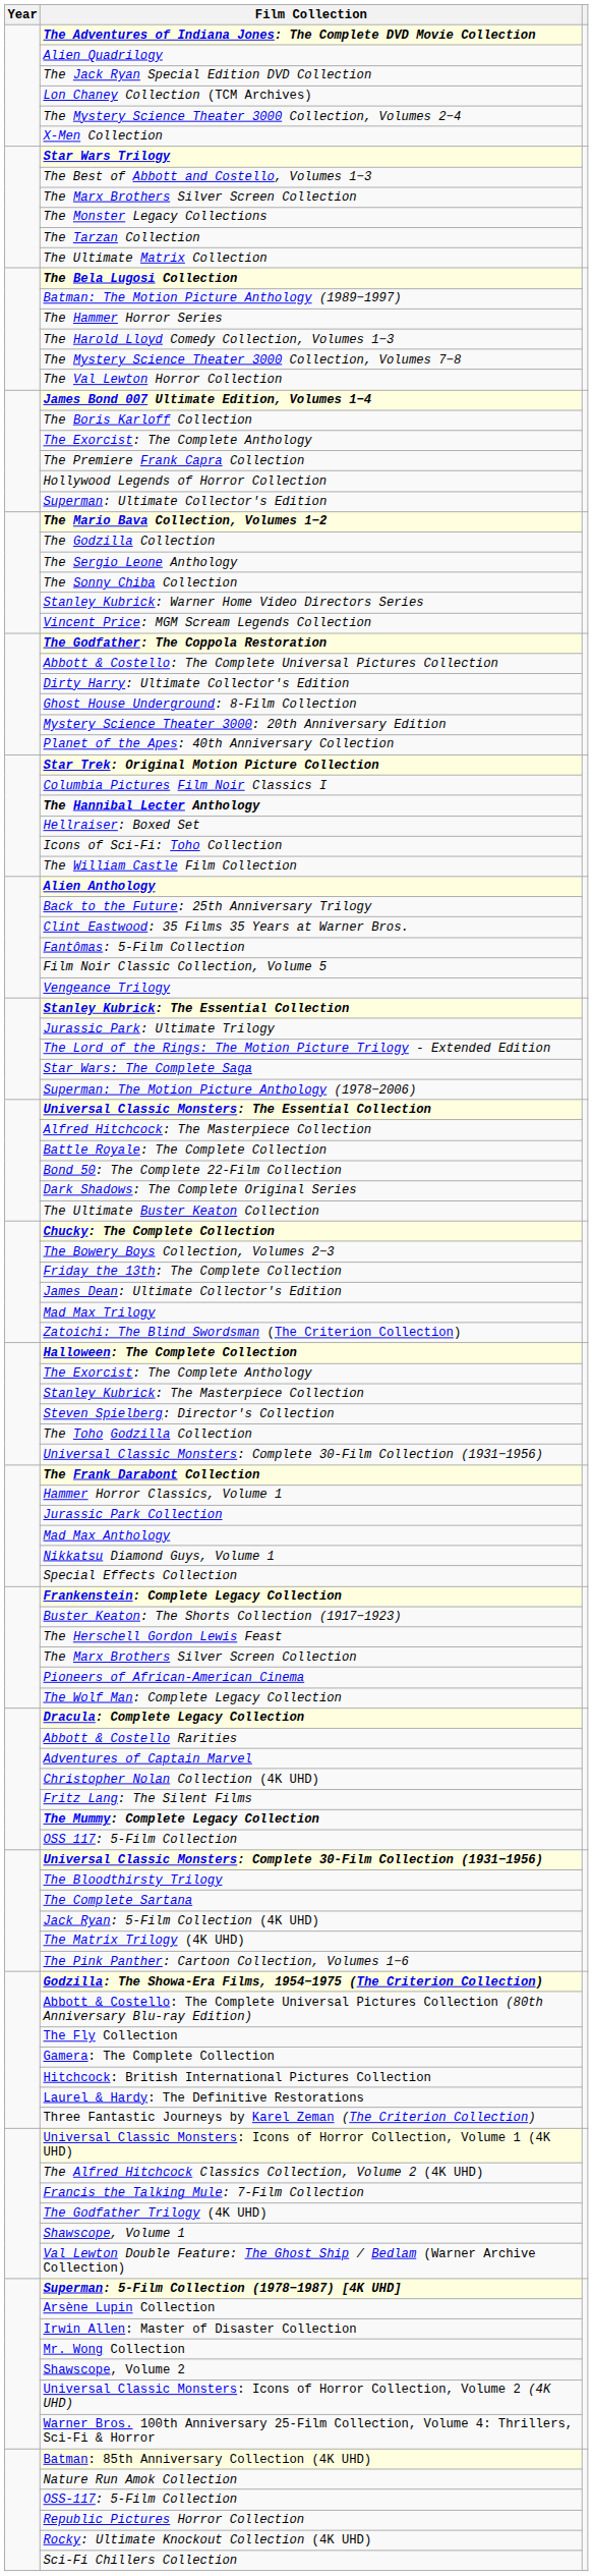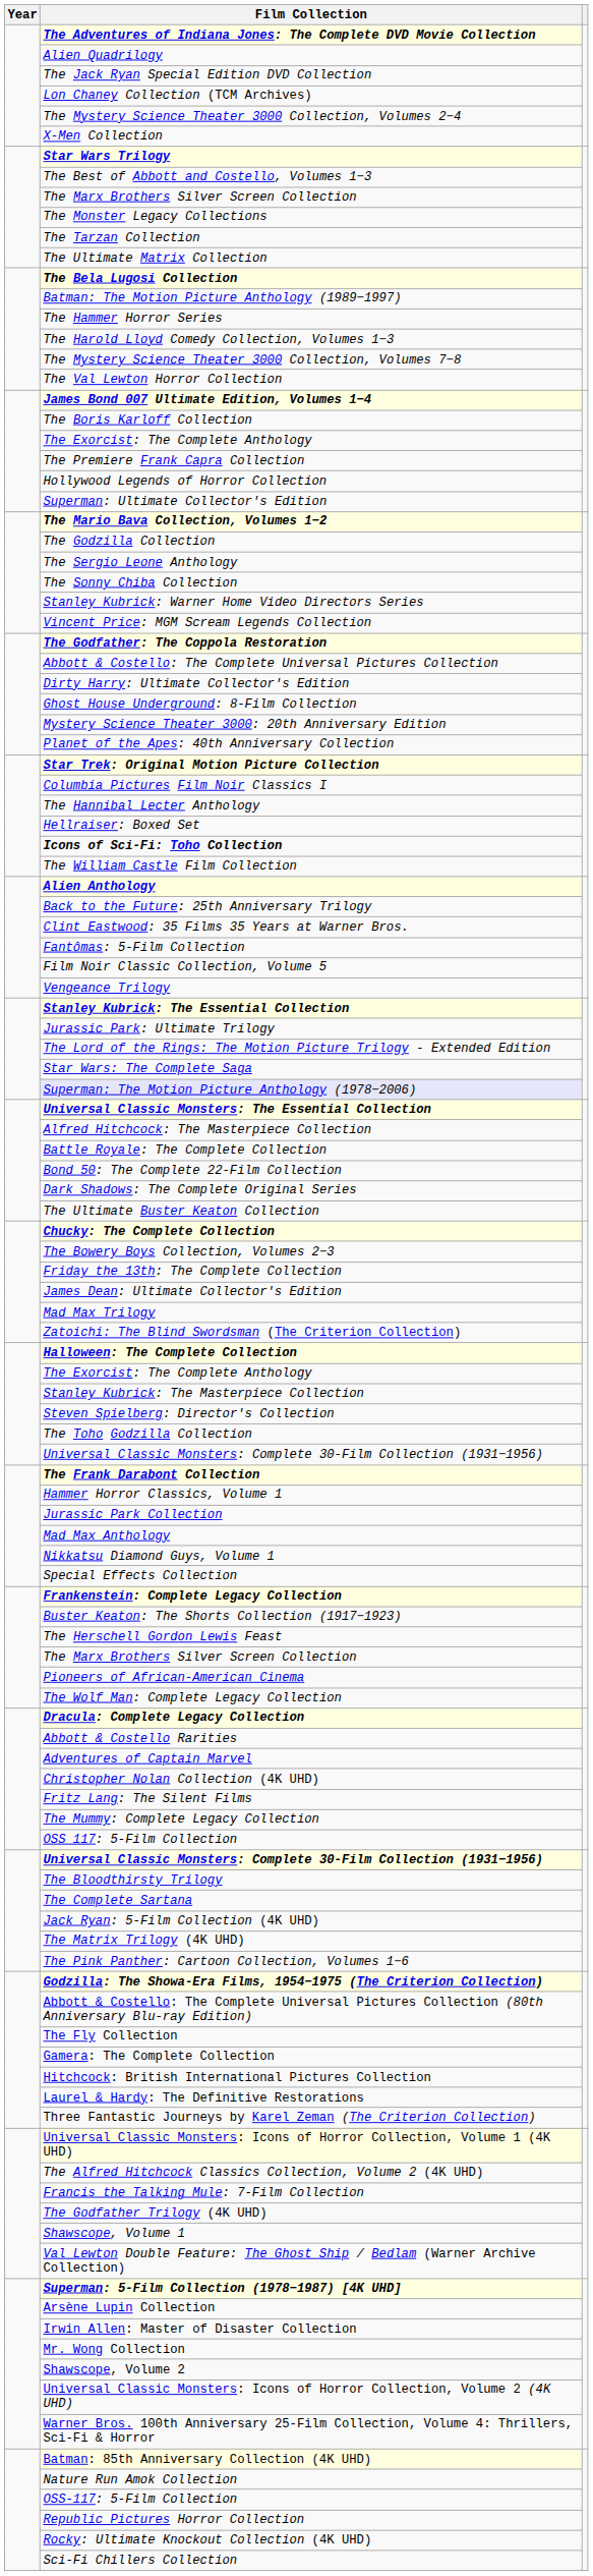 <table class="wikitable">
 <tr>
 <th>Year</th>
 <th>Film Collection</th>
 <th></th>
 </tr>
 <tr>
 <td rowspan="6"></td>
 <td style="background:lightyellow"><strong><em><a href='#'>The Adventures of Indiana Jones</a>: The Complete DVD Movie Collection</em></strong></td>
 <td rowspan="6"></td>
 </tr>
 <tr>
 <td><em><a href='#'>Alien Quadrilogy</a></em></td>
 </tr>
 <tr>
 <td><em>The <a href='#'>Jack Ryan</a> Special Edition DVD Collection</em></td>
 </tr>
 <tr>
 <td><em><a href='#'>Lon Chaney</a> Collection</em> (TCM Archives)</td>
 </tr>
 <tr>
 <td><em>The <a href='#'>Mystery Science Theater 3000</a> Collection, Volumes 2−4</em></td>
 </tr>
 <tr>
 <td><em><a href='#'>X-Men</a> Collection</em></td>
 </tr>
 <tr>
 <td rowspan="6"></td>
 <td style="background:lightyellow"><em><a href='#'><strong>Star Wars Trilogy</strong></a></em></td>
 <td rowspan="6"></td>
 </tr>
 <tr>
 <td><em>The Best of <a href='#'>Abbott and Costello</a>, Volumes 1−3</em></td>
 </tr>
 <tr>
 <td><em>The <a href='#'>Marx Brothers</a> Silver Screen Collection</em></td>
 </tr>
 <tr>
 <td><em>The <a href='#'>Monster</a> Legacy Collections</em></td>
 </tr>
 <tr>
 <td><em>The <a href='#'>Tarzan</a> Collection</em></td>
 </tr>
 <tr>
 <td><em>The Ultimate <a href='#'>Matrix</a> Collection</em></td>
 </tr>
 <tr>
 <td rowspan="6"></td>
 <td style="background:lightyellow"><strong><em>The <a href='#'>Bela Lugosi</a> Collection</em></strong></td>
 <td rowspan="6"></td>
 </tr>
 <tr>
 <td><em><a href='#'>Batman: The Motion Picture Anthology</a></em> <em>(1989−1997)</em></td>
 </tr>
 <tr>
 <td><em>The <a href='#'>Hammer</a> Horror Series</em></td>
 </tr>
 <tr>
 <td><em>The <a href='#'>Harold Lloyd</a> Comedy Collection, Volumes 1−3</em></td>
 </tr>
 <tr>
 <td><em>The <a href='#'>Mystery Science Theater 3000</a> Collection, Volumes 7−8</em></td>
 </tr>
 <tr>
 <td><em>The <a href='#'>Val Lewton</a> Horror Collection</em></td>
 </tr>
 <tr>
 <td rowspan="6"></td>
 <td style="background:lightyellow"><strong><em><a href='#'>James Bond 007</a> Ultimate Edition, Volumes 1−4</em></strong></td>
 <td rowspan="6"></td>
 </tr>
 <tr>
 <td><em>The <a href='#'>Boris Karloff</a> Collection</em></td>
 </tr>
 <tr>
 <td><em><a href='#'>The Exorcist</a>: The Complete Anthology</em></td>
 </tr>
 <tr>
 <td><em>The Premiere <a href='#'>Frank Capra</a> Collection</em></td>
 </tr>
 <tr>
 <td><em>Hollywood Legends of Horror Collection</em></td>
 </tr>
 <tr>
 <td><em><a href='#'>Superman</a>: Ultimate Collector's Edition</em></td>
 </tr>
 <tr>
 <td rowspan="6"></td>
 <td style="background:lightyellow"><strong><em>The <a href='#'>Mario Bava</a> Collection,</em></strong> <strong><em>Volumes<strong> </strong>1−2</em></strong></td>
 <td rowspan="6"></td>
 </tr>
 <tr>
 <td><em>The <a href='#'>Godzilla</a> Collection</em></td>
 </tr>
 <tr>
 <td><em>The <a href='#'>Sergio Leone</a> Anthology</em></td>
 </tr>
 <tr>
 <td><em>The <a href='#'>Sonny Chiba</a> Collection</em></td>
 </tr>
 <tr>
 <td><em><a href='#'>Stanley Kubrick</a>: Warner Home Video Directors Series</em></td>
 </tr>
 <tr>
 <td><em><a href='#'>Vincent Price</a>: MGM Scream Legends Collection</em></td>
 </tr>
 <tr>
 <td rowspan="6"></td>
 <td style="background:lightyellow"><strong><em><a href='#'>The Godfather</a>: The Coppola Restoration</em></strong></td>
 <td rowspan="6"></td>
 </tr>
 <tr>
 <td><em><a href='#'>Abbott & Costello</a>: The Complete Universal Pictures Collection</em></td>
 </tr>
 <tr>
 <td><em><a href='#'>Dirty Harry</a>: Ultimate Collector's Edition</em></td>
 </tr>
 <tr>
 <td><em><a href='#'>Ghost House Underground</a>: 8-Film Collection</em></td>
 </tr>
 <tr>
 <td><em><a href='#'>Mystery Science Theater 3000</a>: 20th Anniversary Edition</em></td>
 </tr>
 <tr>
 <td><em><a href='#'>Planet of the Apes</a>: 40th Anniversary Collection</em></td>
 </tr>
 <tr>
 <td rowspan="6"></td>
 <td style="background:lightyellow"><strong><em><a href='#'>Star Trek</a>: Original Motion Picture Collection</em></strong></td>
 <td rowspan="6"></td>
 </tr>
 <tr>
 <td><em><a href='#'>Columbia Pictures</a> <a href='#'>Film Noir</a> Classics</em> <em>I</em></td>
 </tr>
 <tr>
-<td><strong><em>The <a href='#'>Hannibal Lecter</a> Anthology</em></strong></td>
+<td><em>The <a href='#'>Hannibal Lecter</a> Anthology</em></td>
 </tr>
 <tr>
 <td><em><a href='#'>Hellraiser</a>: Boxed Set</em></td>
 </tr>
 <tr>
-<td><em>Icons of Sci-Fi: <a href='#'>Toho</a> Collection</em></td>
+<td><strong><em>Icons of Sci-Fi: <a href='#'>Toho</a> Collection</em></strong></td>
 </tr>
 <tr>
 <td><em>The <a href='#'>William Castle</a> Film Collection</em></td>
 </tr>
 <tr>
 <td rowspan="6"></td>
 <td style="background:lightyellow"><em><a href='#'><strong>Alien Anthology</strong></a></em></td>
 <td rowspan="6"></td>
 </tr>
 <tr>
 <td><em><a href='#'>Back to the Future</a>: 25th Anniversary Trilogy</em></td>
 </tr>
 <tr>
 <td><em><a href='#'>Clint Eastwood</a>: 35 Films 35 Years at Warner Bros.</em></td>
 </tr>
 <tr>
 <td><em><a href='#'>Fantômas</a>: 5-Film Collection</em></td>
 </tr>
 <tr>
 <td><em>Film Noir Classic Collection, Volume 5</em></td>
 </tr>
 <tr>
 <td><em><a href='#'>Vengeance Trilogy</a></em></td>
 </tr>
 <tr>
 <td rowspan="5"></td>
 <td style="background:lightyellow"><strong><em><a href='#'>Stanley Kubrick</a>: The Essential Collection</em></strong></td>
 <td rowspan="5"></td>
 </tr>
 <tr>
 <td><em><a href='#'>Jurassic Park</a>: Ultimate Trilogy</em></td>
 </tr>
 <tr>
 <td><em><a href='#'>The Lord of the Rings: The Motion Picture Trilogy</a></em> <em>- Extended Edition</em></td>
 </tr>
 <tr>
 <td><em><a href='#'>Star Wars: The Complete Saga</a></em></td>
 </tr>
 <tr>
-<td><em><a href='#'>Superman: The Motion Picture Anthology</a></em> <em>(1978−2006)</em></td>
+<td style="background: lavender;"><em><a href='#'>Superman: The Motion Picture Anthology</a></em> <em>(1978−2006)</em></td>
 </tr>
 <tr>
 <td rowspan="6"></td>
 <td style="background:lightyellow"><strong><em><a href='#'>Universal Classic Monsters</a>: The Essential Collection</em></strong></td>
 <td rowspan="6"></td>
 </tr>
 <tr>
 <td><em><a href='#'>Alfred Hitchcock</a>: The Masterpiece Collection</em></td>
 </tr>
 <tr>
 <td><em><a href='#'>Battle Royale</a>: The Complete Collection</em></td>
 </tr>
 <tr>
 <td><em><a href='#'>Bond 50</a>: The Complete 22-Film Collection</em></td>
 </tr>
 <tr>
 <td><em><a href='#'>Dark Shadows</a>: The Complete Original Series</em></td>
 </tr>
 <tr>
 <td><em>The Ultimate <a href='#'>Buster Keaton</a> Collection</em></td>
 </tr>
 <tr>
 <td rowspan="6"></td>
 <td style="background:lightyellow"><strong><em><a href='#'>Chucky</a>: The Complete Collection</em></strong></td>
 <td rowspan="6"></td>
 </tr>
 <tr>
 <td><em><a href='#'>The Bowery Boys</a> Collection, Volumes 2−3</em></td>
 </tr>
 <tr>
 <td><em><a href='#'>Friday the 13th</a>: The Complete Collection</em></td>
 </tr>
 <tr>
 <td><em><a href='#'>James Dean</a>: Ultimate Collector's Edition</em></td>
 </tr>
 <tr>
 <td><em><a href='#'>Mad Max Trilogy</a></em></td>
 </tr>
 <tr>
 <td><em><a href='#'>Zatoichi: The Blind Swordsman</a></em> (<a href='#'>The Criterion Collection</a>)</td>
 </tr>
 <tr>
 <td rowspan="6"></td>
 <td style="background:lightyellow"><strong><em><a href='#'>Halloween</a>: The Complete Collection</em></strong></td>
 <td rowspan="6"></td>
 </tr>
 <tr>
 <td><em><a href='#'>The Exorcist</a>: The Complete Anthology</em></td>
 </tr>
 <tr>
 <td><em><a href='#'>Stanley Kubrick</a>: The Masterpiece Collection</em></td>
 </tr>
 <tr>
 <td><em><a href='#'>Steven Spielberg</a>: Director's Collection</em></td>
 </tr>
 <tr>
 <td><em>The <a href='#'>Toho</a> <a href='#'>Godzilla</a> Collection</em></td>
 </tr>
 <tr>
 <td><em><a href='#'>Universal Classic Monsters</a>: Complete 30-Film Collection</em> <em>(1931−1956)</em></td>
 </tr>
 <tr>
 <td rowspan="6"></td>
 <td style="background:lightyellow"><strong><em>The <a href='#'>Frank Darabont</a> Collection</em></strong></td>
 <td rowspan="6"></td>
 </tr>
 <tr>
 <td><em><a href='#'>Hammer</a> Horror Classics,</em> <em>Volume 1</em></td>
 </tr>
 <tr>
 <td><em><a href='#'>Jurassic Park Collection</a></em></td>
 </tr>
 <tr>
 <td><em><a href='#'>Mad Max Anthology</a></em></td>
 </tr>
 <tr>
 <td><em><a href='#'>Nikkatsu</a> Diamond Guys, Volume 1</em></td>
 </tr>
 <tr>
 <td><em>Special Effects Collection</em></td>
 </tr>
 <tr>
 <td rowspan="6"></td>
 <td style="background:lightyellow"><strong><em><a href='#'>Frankenstein</a>: Complete Legacy Collection</em></strong></td>
 <td rowspan="6"></td>
 </tr>
 <tr>
 <td><em><a href='#'>Buster Keaton</a>: The Shorts Collection</em> <em>(1917−1923)</em></td>
 </tr>
 <tr>
 <td><em>The <a href='#'>Herschell Gordon Lewis</a> Feast</em></td>
 </tr>
 <tr>
 <td><em>The <a href='#'>Marx Brothers</a> Silver Screen Collection</em></td>
 </tr>
 <tr>
 <td><em><a href='#'>Pioneers of African-American Cinema</a></em></td>
 </tr>
 <tr>
 <td><em><a href='#'>The Wolf Man</a>: Complete Legacy Collection</em></td>
 </tr>
 <tr>
 <td rowspan="7"></td>
 <td style="background:lightyellow"><strong><em><a href='#'>Dracula</a>: Complete Legacy Collection</em></strong></td>
 <td rowspan="7"></td>
 </tr>
 <tr>
 <td><em><a href='#'>Abbott & Costello</a> Rarities</em></td>
 </tr>
 <tr>
 <td><em><a href='#'>Adventures of Captain Marvel</a></em></td>
 </tr>
 <tr>
 <td><em><a href='#'>Christopher Nolan</a> Collection</em> (4K UHD)</td>
 </tr>
 <tr>
 <td><em><a href='#'>Fritz Lang</a>: The Silent Films</em></td>
 </tr>
 <tr>
-<td><strong><em><a href='#'>The Mummy</a>: Complete Legacy Collection</em></strong></td>
+<td><em><a href='#'>The Mummy</a>: Complete Legacy Collection</em></td>
 </tr>
 <tr>
 <td><em><a href='#'>OSS 117</a>: 5-Film Collection</em></td>
 </tr>
 <tr>
 <td rowspan="6"></td>
 <td style="background:lightyellow"><strong><em><a href='#'>Universal Classic Monsters</a>: Complete 30-Film Collection<em> </em>(1931−1956)</em></strong></td>
 <td rowspan="6"></td>
 </tr>
 <tr>
 <td><em><a href='#'>The Bloodthirsty Trilogy</a></em></td>
 </tr>
 <tr>
 <td><em><a href='#'>The Complete Sartana</a></em></td>
 </tr>
 <tr>
 <td><em><a href='#'>Jack Ryan</a>: 5-Film Collection</em> (4K UHD)</td>
 </tr>
 <tr>
 <td><em><a href='#'>The Matrix Trilogy</a></em> (4K UHD)</td>
 </tr>
 <tr>
 <td><em><a href='#'>The Pink Panther</a>: Cartoon Collection, Volumes 1−6</em></td>
 </tr>
 <tr>
 <td rowspan="7"></td>
 <td style="background:lightyellow"><strong><em><a href='#'>Godzilla</a>: The Showa-Era Films, 1954−1975<em> (<a href='#'>The Criterion Collection</a>)<strong></td>
 <td rowspan="7"></td>
 </tr>
 <tr>
 <td></em><a href='#'>Abbott & Costello</a>: The Complete Universal Pictures Collection<em> (80th Anniversary Blu-ray Edition)</td>
 </tr>
 <tr>
 <td></em><a href='#'>The Fly</a> Collection<em></td>
 </tr>
 <tr>
 <td></em><a href='#'>Gamera</a>: The Complete Collection<em></td>
 </tr>
 <tr>
 <td></em><a href='#'>Hitchcock</a>: British International Pictures Collection<em></td>
 </tr>
 <tr>
 <td></em><a href='#'>Laurel & Hardy</a>: The Definitive Restorations<em></td>
 </tr>
 <tr>
 <td></em>Three Fantastic Journeys by <a href='#'>Karel Zeman</a><em> (<a href='#'>The Criterion Collection</a>)</td>
 </tr>
 <tr>
 <td rowspan="6"></td>
 <td style="background:lightyellow"></em></strong><a href='#'>Universal Classic Monsters</a>: Icons of Horror Collection, Volume 1</em> (4K UHD)</strong></td>
 <td rowspan="6"></td>
 </tr>
 <tr>
 <td><em>The <a href='#'>Alfred Hitchcock</a> Classics Collection, Volume 2</em> (4K UHD)</td>
 </tr>
 <tr>
 <td><em><a href='#'>Francis the Talking Mule</a>: 7-Film Collection</em></td>
 </tr>
 <tr>
 <td><em><a href='#'>The Godfather Trilogy</a></em> (4K UHD)</td>
 </tr>
 <tr>
 <td><em><a href='#'>Shawscope</a>, Volume 1</em></td>
 </tr>
 <tr>
 <td><em><a href='#'>Val Lewton</a> Double Feature: <a href='#'>The Ghost Ship</a> / <a href='#'>Bedlam</a></em> (Warner Archive Collection)</td>
 </tr>
 <tr>
 <td rowspan="7"></td>
 <td style="background:lightyellow"><strong><em><a href='#'>Superman</a>: 5-Film Collection<em> </em>(1978−1987)<em> [4K UHD]<strong></td>
 <td rowspan="7"></td>
 </tr>
 <tr>
 <td></em><a href='#'>Arsène Lupin</a> Collection<em></td>
 </tr>
 <tr>
 <td></em><a href='#'>Irwin Allen</a>: Master of Disaster Collection<em></td>
 </tr>
 <tr>
 <td></em><a href='#'>Mr. Wong</a> Collection<em></td>
 </tr>
 <tr>
 <td></em><a href='#'>Shawscope</a>, Volume 2<em></td>
 </tr>
 <tr>
 <td></em><a href='#'>Universal Classic Monsters</a>: Icons of Horror Collection, Volume 2<em> (4K UHD)</td>
 </tr>
 <tr>
 <td></em><a href='#'>Warner Bros.</a> 100th Anniversary 25-Film Collection, Volume 4: Thrillers, Sci-Fi & Horror<em></td>
 </tr>
 <tr>
 <td rowspan="6"></td>
 <td style="background:lightyellow"></em></strong><a href='#'>Batman</a>: 85th Anniversary Collection</em> (4K UHD)</strong></td>
 <td rowspan="6"></td>
 </tr>
 <tr>
 <td><em>Nature Run Amok Collection</em></td>
 </tr>
 <tr>
 <td><em><a href='#'>OSS-117</a>: 5-Film Collection</em></td>
 </tr>
 <tr>
 <td><em><a href='#'>Republic Pictures</a> Horror Collection</em></td>
 </tr>
 <tr>
 <td><em><a href='#'>Rocky</a>: Ultimate Knockout Collection</em> (4K UHD)</td>
 </tr>
 <tr>
 <td><em>Sci-Fi Chillers Collection</em></td>
 </tr>
 </table>
